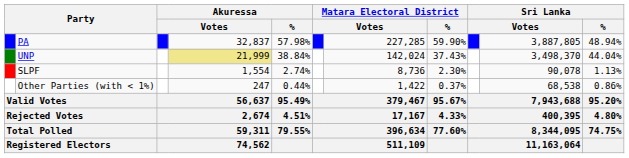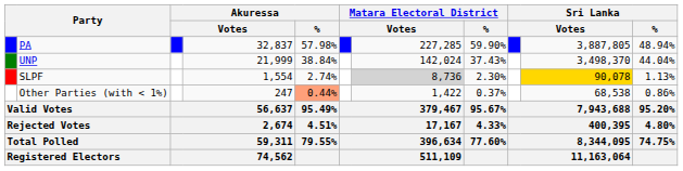 <table class="wikitable">
 <tr>
 <th colspan="2" width="144px"rowspan="2">Party</th>
 <th colspan="3" width="216px">Akuressa</th>
 <th colspan="3" width="216px"><a href='#'>Matara Electoral District</a></th>
 <th colspan="3" width="216px">Sri Lanka</th>
 </tr>
 <tr>
 <th colspan="2" width="144px">Votes</th>
 <th>%</th>
 <th colspan="2" width="144px">Votes</th>
 <th>%</th>
 <th colspan="2" width="144px">Votes</th>
 <th>%</th>
 </tr>
 <tr>
 <td style="background-color:blue;" width="10px"></td>
 <td style="text-align:left;"><a href='#'>PA</a></td>
 <td style="background-color:blue;" width="10px"></td>
 <td style="text-align:right;">32,837</td>
 <td style="text-align:right;">57.98%</td>
 <td style="background-color:blue;" width="10px"></td>
 <td style="text-align:right;">227,285</td>
 <td style="text-align:right;">59.90%</td>
 <td style="background-color:blue;" width="10px"></td>
 <td style="text-align:right;">3,887,805</td>
 <td style="text-align:right;">48.94%</td>
 </tr>
 <tr>
 <td style="background-color:green;" width="10px"></td>
 <td style="text-align:left;"><a href='#'>UNP</a></td>
 <td style="background-color:white;" width="10px"></td>
-<td style="background: khaki; text-align:right;">21,999</td>
+<td style="text-align:right;">21,999</td>
 <td style="text-align:right;">38.84%</td>
 <td style="background-color:white;" width="10px"></td>
 <td style="text-align:right;">142,024</td>
 <td style="text-align:right;">37.43%</td>
 <td style="background-color:white;" width="10px"></td>
 <td style="text-align:right;">3,498,370</td>
 <td style="text-align:right;">44.04%</td>
 </tr>
 <tr>
 <td style="background-color:red;" width="10px"></td>
 <td style="text-align:left;">SLPF</td>
 <td style="background-color:white;" width="10px"></td>
 <td style="text-align:right;">1,554</td>
 <td style="text-align:right;">2.74%</td>
 <td style="background-color:white;" width="10px"></td>
-<td style="text-align:right;">8,736</td>
+<td style="background: lightgrey; text-align:right;">8,736</td>
 <td style="text-align:right;">2.30%</td>
 <td style="background-color:white;" width="10px"></td>
-<td style="text-align:right;">90,078</td>
+<td style="background: gold; text-align:right;">90,078</td>
 <td style="text-align:right;">1.13%</td>
 </tr>
 <tr>
 <td style="background-color:white;" width="10px"></td>
 <td style="text-align:left;">Other Parties (with < 1%)</td>
 <td style="background-color:white;" width="10px"></td>
 <td style="text-align:right;">247</td>
-<td style="text-align:right;">0.44%</td>
+<td style="background: lightsalmon; text-align:right;">0.44%</td>
 <td style="background-color:white;" width="10px"></td>
 <td style="text-align:right;">1,422</td>
 <td style="text-align:right;">0.37%</td>
 <td style="background-color:white;" width="10px"></td>
 <td style="text-align:right;">68,538</td>
 <td style="text-align:right;">0.86%</td>
 </tr>
 <tr>
 <th colspan="2" width="144px"style="text-align:left;">Valid Votes</th>
 <th style="text-align:right;"colspan="2" width="144px">56,637</th>
 <th style="text-align:right;">95.49%</th>
 <th style="text-align:right;"colspan="2" width="144px">379,467</th>
 <th style="text-align:right;">95.67%</th>
 <th style="text-align:right;"colspan="2" width="144px">7,943,688</th>
 <th style="text-align:right;">95.20%</th>
 </tr>
 <tr>
 <th colspan="2" width="144px"style="text-align:left;">Rejected Votes</th>
 <th style="text-align:right;"colspan="2" width="144px">2,674</th>
 <th style="text-align:right;">4.51%</th>
 <th style="text-align:right;"colspan="2" width="144px">17,167</th>
 <th style="text-align:right;">4.33%</th>
 <th style="text-align:right;"colspan="2" width="144px">400,395</th>
 <th style="text-align:right;">4.80%</th>
 </tr>
 <tr>
 <th colspan="2" width="144px"style="text-align:left;">Total Polled</th>
 <th style="text-align:right;"colspan="2" width="144px">59,311</th>
 <th style="text-align:right;">79.55%</th>
 <th style="text-align:right;"colspan="2" width="144px">396,634</th>
 <th style="text-align:right;">77.60%</th>
 <th style="text-align:right;"colspan="2" width="144px">8,344,095</th>
 <th style="text-align:right;">74.75%</th>
 </tr>
 <tr>
 <th colspan="2" width="144px"style="text-align:left;">Registered Electors</th>
 <th style="text-align:right;"colspan="2" width="144px">74,562</th>
 <th></th>
 <th style="text-align:right;"colspan="2" width="144px">511,109</th>
 <th></th>
 <th style="text-align:right;"colspan="2" width="144px">11,163,064</th>
 <th></th>
 </tr>
 </table>
